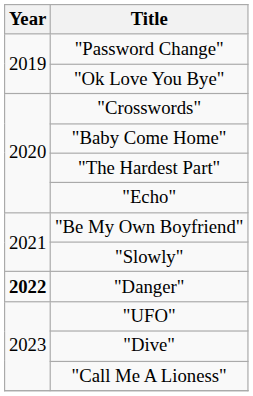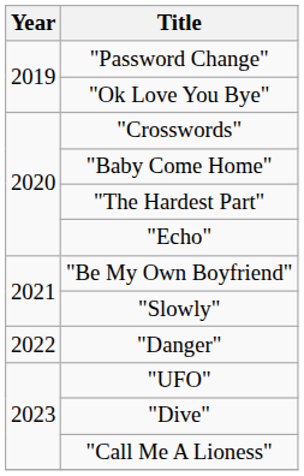 <table class="wikitable" style="text-align:center;">
 <tr>
 <th>Year</th>
 <th>Title</th>
 </tr>
 <tr>
 <td rowspan="2">2019</td>
 <td>"Password Change"</td>
 </tr>
 <tr>
 <td>"Ok Love You Bye"</td>
 </tr>
 <tr>
 <td rowspan="4">2020</td>
 <td>"Crosswords"</td>
 </tr>
 <tr>
 <td>"Baby Come Home"</td>
 </tr>
 <tr>
 <td>"The Hardest Part"</td>
 </tr>
 <tr>
 <td>"Echo"</td>
 </tr>
 <tr>
 <td rowspan="2">2021</td>
 <td>"Be My Own Boyfriend"</td>
 </tr>
 <tr>
 <td>"Slowly"</td>
 </tr>
 <tr>
-<td><strong>2022</strong></td>
+<td>2022</td>
 <td>"Danger"</td>
 </tr>
 <tr>
 <td rowspan="3">2023</td>
 <td>"UFO"</td>
 </tr>
 <tr>
 <td>"Dive"</td>
 </tr>
 <tr>
 <td>"Call Me A Lioness"</td>
 </tr>
 <tr>
 </tr>
 </table>
